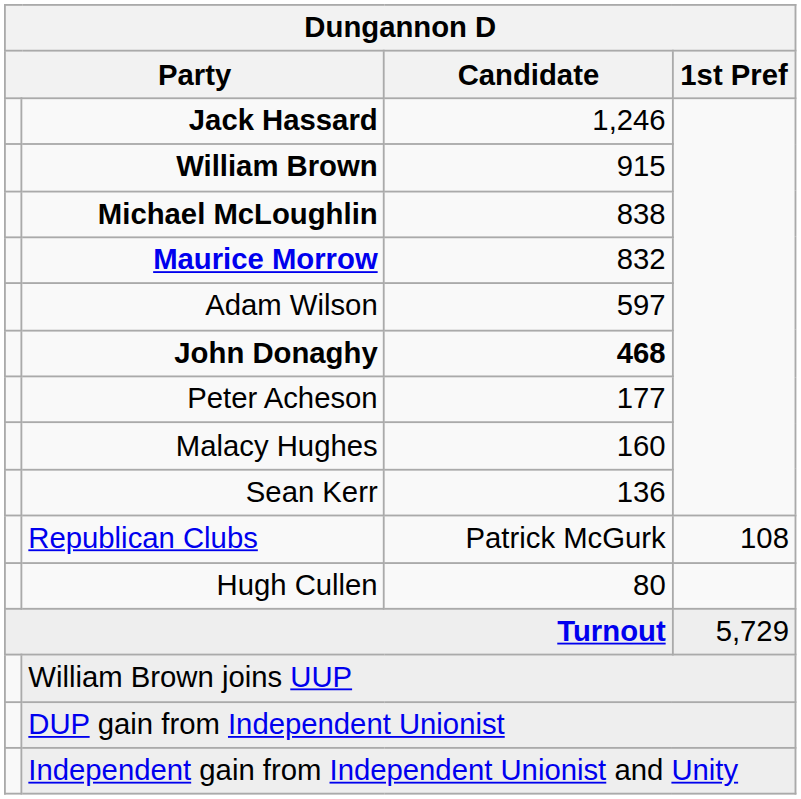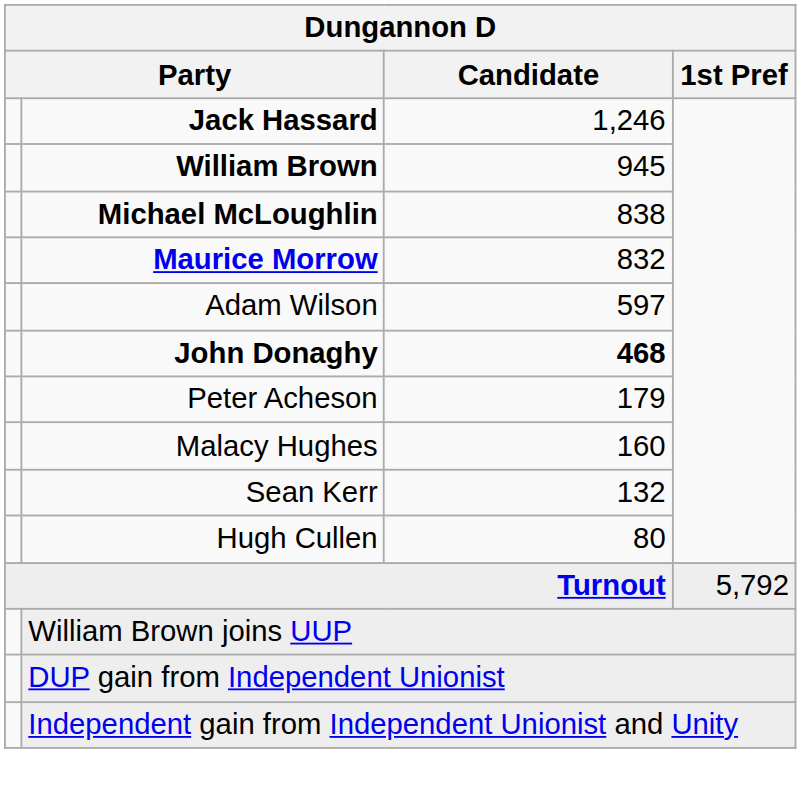 <table class="wikitable">
 <tr>
 <th colspan="4" align="center">Dungannon D</th>
 </tr>
 <tr>
 <th colspan="2" align="center" width=200>Party</th>
 <th width=150>Candidate</th>
 <th width=60>1st Pref</th>
 </tr>
 <tr>
 <td></td>
 <td align="right"><strong>Jack Hassard</strong></td>
 <td align="right">1,246</td>
 </tr>
 <tr>
 <td></td>
 <td align="right"><strong>William Brown</strong></td>
-<td align="right">915</td>
+<td align="right">945</td>
 </tr>
 <tr>
 <td></td>
 <td align="right"><strong>Michael McLoughlin</strong></td>
 <td align="right">838</td>
 </tr>
 <tr>
 <td></td>
 <td align="right"><strong><a href='#'>Maurice Morrow</a></strong></td>
 <td align="right">832</td>
 </tr>
 <tr>
 <td></td>
 <td align="right">Adam Wilson</td>
 <td align="right">597</td>
 </tr>
 <tr>
 <td></td>
 <td align="right"><strong>John Donaghy</strong></td>
 <td align="right"><strong>468</strong></td>
 </tr>
 <tr>
 <td></td>
 <td align="right">Peter Acheson</td>
-<td align="right">177</td>
+<td align="right">179</td>
 </tr>
 <tr>
 <td></td>
 <td align="right">Malacy Hughes</td>
 <td align="right">160</td>
 </tr>
 <tr>
 <td></td>
 <td align="right">Sean Kerr</td>
-<td align="right">136</td>
-</tr>
-<tr>
-<td style="background-color: "></td>
-<td><a href='#'>Republican Clubs</a></td>
-<td align="right">Patrick McGurk</td>
-<td align="right">108</td>
+<td align="right">132</td>
 </tr>
 <tr>
 <td></td>
 <td align="right">Hugh Cullen</td>
 <td align="right">80</td>
 </tr>
 <tr bgcolor="EEEEEE">
 <td colspan=3 align="right"><strong><a href='#'>Turnout</a></strong></td>
-<td align="right">5,729</td>
+<td align="right">5,792</td>
 </tr>
 <tr>
 <td bgcolor=></td>
 <td colspan=3 bgcolor="EEEEEE">William Brown joins <a href='#'>UUP</a></td>
 </tr>
 <tr>
 <td bgcolor=></td>
 <td colspan=3 bgcolor="EEEEEE"><a href='#'>DUP</a> gain from <a href='#'>Independent Unionist</a></td>
 </tr>
 <tr>
 <td bgcolor=></td>
 <td colspan=3 bgcolor="EEEEEE"><a href='#'>Independent</a> gain from <a href='#'>Independent Unionist</a> and <a href='#'>Unity</a></td>
 </tr>
 </table>
